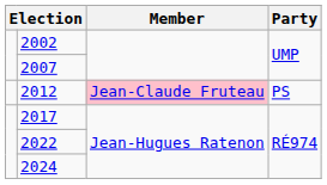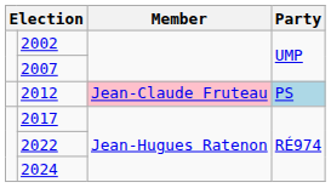 <table class="wikitable">
 <tr>
 <th colspan="2">Election</th>
 <th>Member</th>
 <th>Party</th>
 </tr>
 <tr>
 <td rowspan="2" style="color:inherit;background-color: "></td>
 <td><a href='#'>2002</a></td>
 <td rowspan="2"></td>
 <td rowspan="2"><a href='#'>UMP</a></td>
 </tr>
 <tr>
 <td><a href='#'>2007</a></td>
 </tr>
 <tr>
 <td style="color:inherit;background-color: "></td>
 <td><a href='#'>2012</a></td>
 <td style="background: pink;"><a href='#'>Jean-Claude Fruteau</a></td>
-<td><a href='#'>PS</a></td>
+<td style="background: lightblue;"><a href='#'>PS</a></td>
 </tr>
 <tr>
 <td rowspan="3" style="color:inherit;background-color: "></td>
 <td><a href='#'>2017</a></td>
 <td rowspan="3"><a href='#'>Jean-Hugues Ratenon</a></td>
 <td rowspan="3"><a href='#'>RÉ974</a></td>
 </tr>
 <tr>
 <td><a href='#'>2022</a></td>
 </tr>
 <tr>
 <td><a href='#'>2024</a></td>
 </tr>
 </table>
